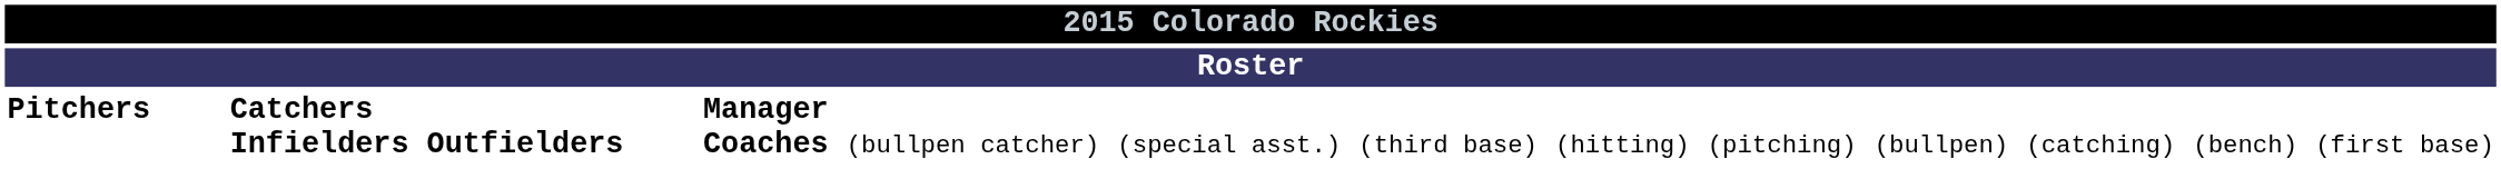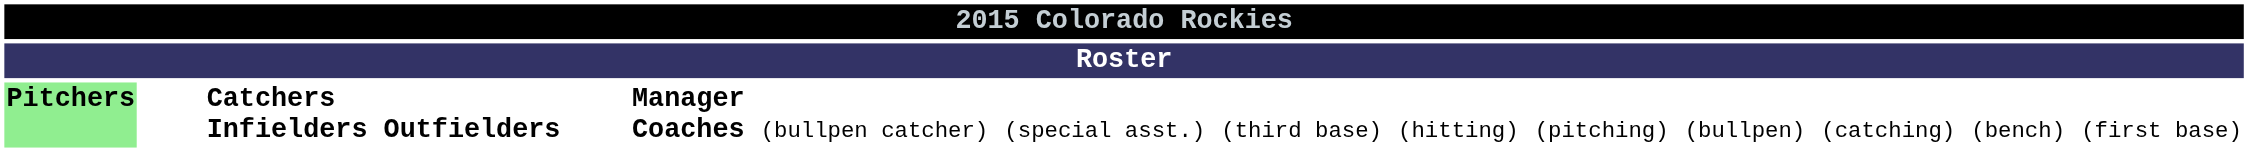 <table class="toccolours" style="font-size: 95%;">
 <tr>
 <th colspan="10" style="background-color: #000000; color: #C4CED4; text-align: center;">2015 Colorado Rockies</th>
 </tr>
 <tr>
 <td colspan="10" style="background-color: #333366; color: #FFFFFF; text-align: center;"><strong>Roster</strong></td>
 </tr>
 <tr>
-<td valign="top"><strong>Pitchers</strong><br>                              </td>
+<td valign="top" style="background: lightgreen;"><strong>Pitchers</strong><br>                              </td>
 <td width="25px"></td>
 <td valign="top"><strong>Catchers</strong><br>    <strong>Infielders</strong>           <strong>Outfielders</strong>       </td>
 <td width="25px"></td>
 <td valign="top"><strong>Manager</strong><br> <strong>Coaches</strong>  <small>(bullpen catcher)</small>  <small>(special asst.)</small>  <small>(third base)</small>  <small>(hitting)</small>  <small>(pitching)</small>  <small>(bullpen)</small>  <small>(catching)</small>  <small>(bench)</small>   <small>(first base)</small></td>
 </tr>
 <tr>
 </tr>
 </table>
